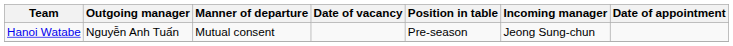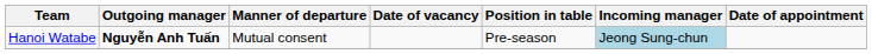 <table class="wikitable sortable">
 <tr>
 <th>Team</th>
 <th>Outgoing manager</th>
 <th>Manner of departure</th>
 <th>Date of vacancy</th>
 <th>Position in table</th>
 <th>Incoming manager</th>
 <th>Date of appointment</th>
 </tr>
 <tr>
 <td><a href='#'>Hanoi Watabe</a></td>
-<td> Nguyễn Anh Tuấn</td>
+<td><strong> Nguyễn Anh Tuấn</strong></td>
 <td>Mutual consent</td>
 <td></td>
 <td>Pre-season</td>
-<td> Jeong Sung-chun</td>
+<td style="background: lightblue;"> Jeong Sung-chun</td>
 <td></td>
 </tr>
 <tr>
 </tr>
 </table>
